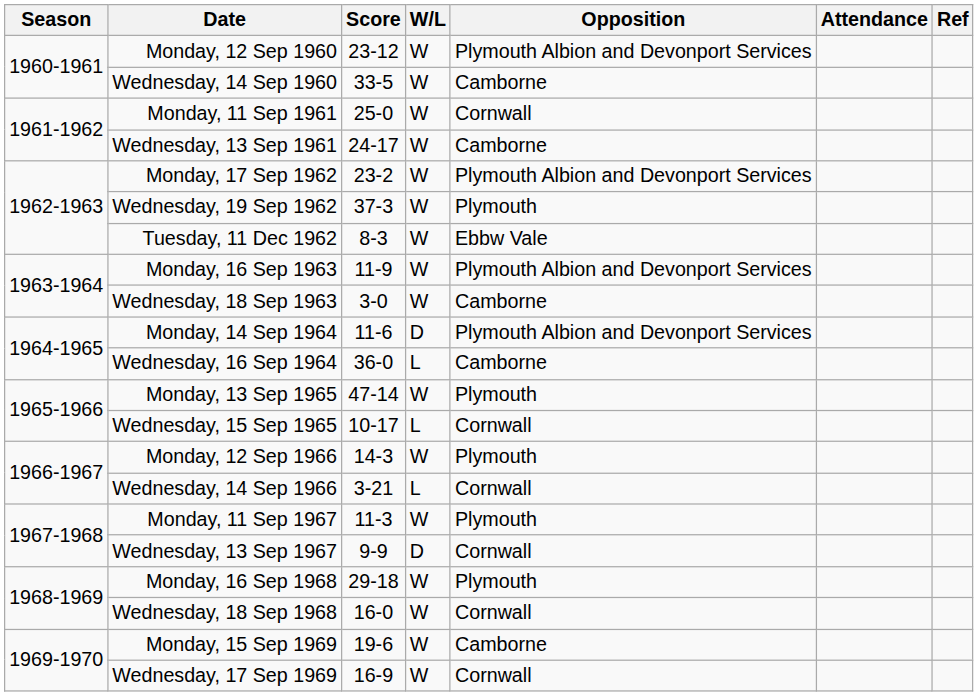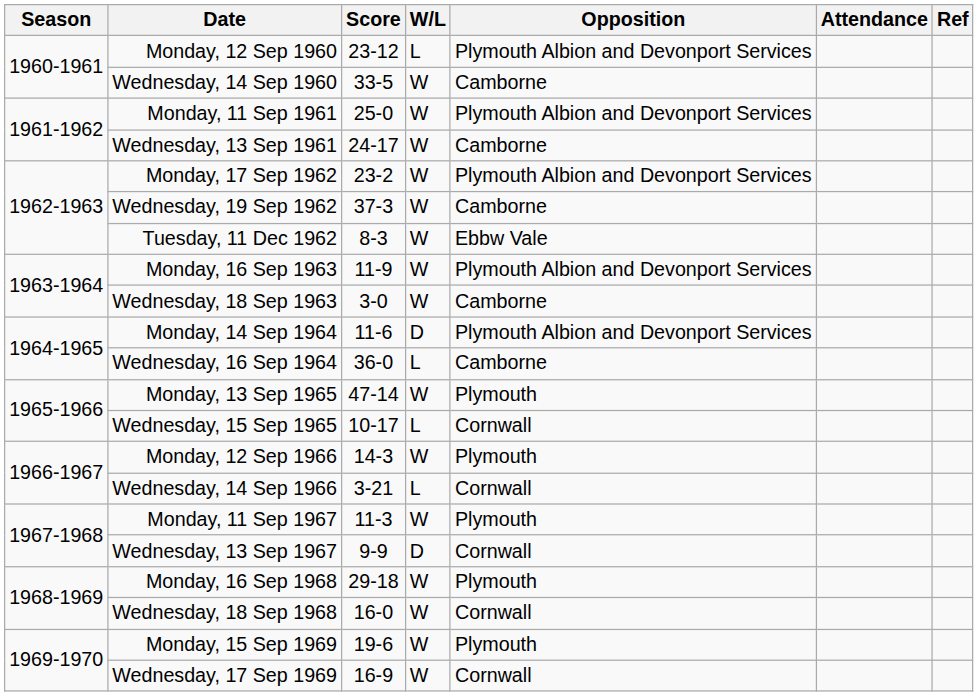 <table class="wikitable">
 <tr>
 <th>Season</th>
 <th>Date</th>
 <th>Score</th>
 <th>W/L</th>
 <th>Opposition</th>
 <th>Attendance</th>
 <th>Ref</th>
 </tr>
 <tr>
 <td rowspan=2>1960-1961</td>
 <td style="text-align:right;">Monday, 12 Sep 1960</td>
 <td style="text-align:center;">23-12</td>
-<td style="text-align:left;">W</td>
+<td style="text-align:left;">L</td>
 <td>Plymouth Albion and Devonport Services</td>
 <td></td>
 </tr>
 <tr>
 <td style="text-align:right;">Wednesday, 14 Sep 1960</td>
 <td style="text-align:center;">33-5</td>
 <td style="text-align:left;">W</td>
 <td>Camborne</td>
 <td></td>
 <td></td>
 </tr>
 <tr>
 <td rowspan=2>1961-1962</td>
 <td style="text-align:right;">Monday, 11 Sep 1961</td>
 <td style="text-align:center;">25-0</td>
 <td style="text-align:left;">W</td>
-<td>Cornwall</td>
+<td>Plymouth Albion and Devonport Services</td>
 <td></td>
 </tr>
 <tr>
 <td style="text-align:right;">Wednesday, 13 Sep 1961</td>
 <td style="text-align:center;">24-17</td>
 <td style="text-align:left;">W</td>
 <td>Camborne</td>
 <td></td>
 <td></td>
 </tr>
 <tr>
 <td rowspan=3>1962-1963</td>
 <td style="text-align:right;">Monday, 17 Sep 1962</td>
 <td style="text-align:center;">23-2</td>
 <td style="text-align:left;">W</td>
 <td>Plymouth Albion and Devonport Services</td>
 <td></td>
 </tr>
 <tr>
 <td style="text-align:right;">Wednesday, 19 Sep 1962</td>
 <td style="text-align:center;">37-3</td>
 <td style="text-align:left;">W</td>
-<td>Plymouth</td>
+<td>Camborne</td>
 <td></td>
 <td></td>
 </tr>
 <tr>
 <td style="text-align:right;">Tuesday, 11 Dec 1962</td>
 <td style="text-align:center;">8-3</td>
 <td style="text-align:left;">W</td>
 <td>Ebbw Vale</td>
 <td></td>
 <td></td>
 </tr>
 <tr>
 <td rowspan=2>1963-1964</td>
 <td style="text-align:right;">Monday, 16 Sep 1963</td>
 <td style="text-align:center;">11-9</td>
 <td style="text-align:left;">W</td>
 <td>Plymouth Albion and Devonport Services</td>
 <td></td>
 </tr>
 <tr>
 <td style="text-align:right;">Wednesday, 18 Sep 1963</td>
 <td style="text-align:center;">3-0</td>
 <td style="text-align:left;">W</td>
 <td>Camborne</td>
 <td></td>
 <td></td>
 </tr>
 <tr>
 <td rowspan=2>1964-1965</td>
 <td style="text-align:right;">Monday, 14 Sep 1964</td>
 <td style="text-align:center;">11-6</td>
 <td style="text-align:left;">D</td>
 <td>Plymouth Albion and Devonport Services</td>
 <td></td>
 </tr>
 <tr>
 <td style="text-align:right;">Wednesday, 16 Sep 1964</td>
 <td style="text-align:center;">36-0</td>
 <td style="text-align:left;">L</td>
 <td>Camborne</td>
 <td></td>
 <td></td>
 </tr>
 <tr>
 <td rowspan=2>1965-1966</td>
 <td style="text-align:right;">Monday, 13 Sep 1965</td>
 <td style="text-align:center;">47-14</td>
 <td style="text-align:left;">W</td>
 <td>Plymouth</td>
 <td></td>
 </tr>
 <tr>
 <td style="text-align:right;">Wednesday, 15 Sep 1965</td>
 <td style="text-align:center;">10-17</td>
 <td style="text-align:left;">L</td>
 <td>Cornwall</td>
 <td></td>
 <td></td>
 </tr>
 <tr>
 <td rowspan=2>1966-1967</td>
 <td style="text-align:right;">Monday, 12 Sep 1966</td>
 <td style="text-align:center;">14-3</td>
 <td style="text-align:left;">W</td>
 <td>Plymouth</td>
 <td></td>
 </tr>
 <tr>
 <td style="text-align:right;">Wednesday, 14 Sep 1966</td>
 <td style="text-align:center;">3-21</td>
 <td style="text-align:left;">L</td>
 <td>Cornwall</td>
 <td></td>
 <td></td>
 </tr>
 <tr>
 <td rowspan=2>1967-1968</td>
 <td style="text-align:right;">Monday, 11 Sep 1967</td>
 <td style="text-align:center;">11-3</td>
 <td style="text-align:left;">W</td>
 <td>Plymouth</td>
 <td></td>
 </tr>
 <tr>
 <td style="text-align:right;">Wednesday, 13 Sep 1967</td>
 <td style="text-align:center;">9-9</td>
 <td style="text-align:left;">D</td>
 <td>Cornwall</td>
 <td></td>
 <td></td>
 </tr>
 <tr>
 <td rowspan=2>1968-1969</td>
 <td style="text-align:right;">Monday, 16 Sep 1968</td>
 <td style="text-align:center;">29-18</td>
 <td style="text-align:left;">W</td>
 <td>Plymouth</td>
 <td></td>
 </tr>
 <tr>
 <td style="text-align:right;">Wednesday, 18 Sep 1968</td>
 <td style="text-align:center;">16-0</td>
 <td style="text-align:left;">W</td>
 <td>Cornwall</td>
 <td></td>
 <td></td>
 </tr>
 <tr>
 <td rowspan=2>1969-1970</td>
 <td style="text-align:right;">Monday, 15 Sep 1969</td>
 <td style="text-align:center;">19-6</td>
 <td style="text-align:left;">W</td>
-<td>Camborne</td>
+<td>Plymouth</td>
 <td></td>
 </tr>
 <tr>
 <td style="text-align:right;">Wednesday, 17 Sep 1969</td>
 <td style="text-align:center;">16-9</td>
 <td style="text-align:left;">W</td>
 <td>Cornwall</td>
 <td></td>
 <td></td>
 </tr>
 </table>
